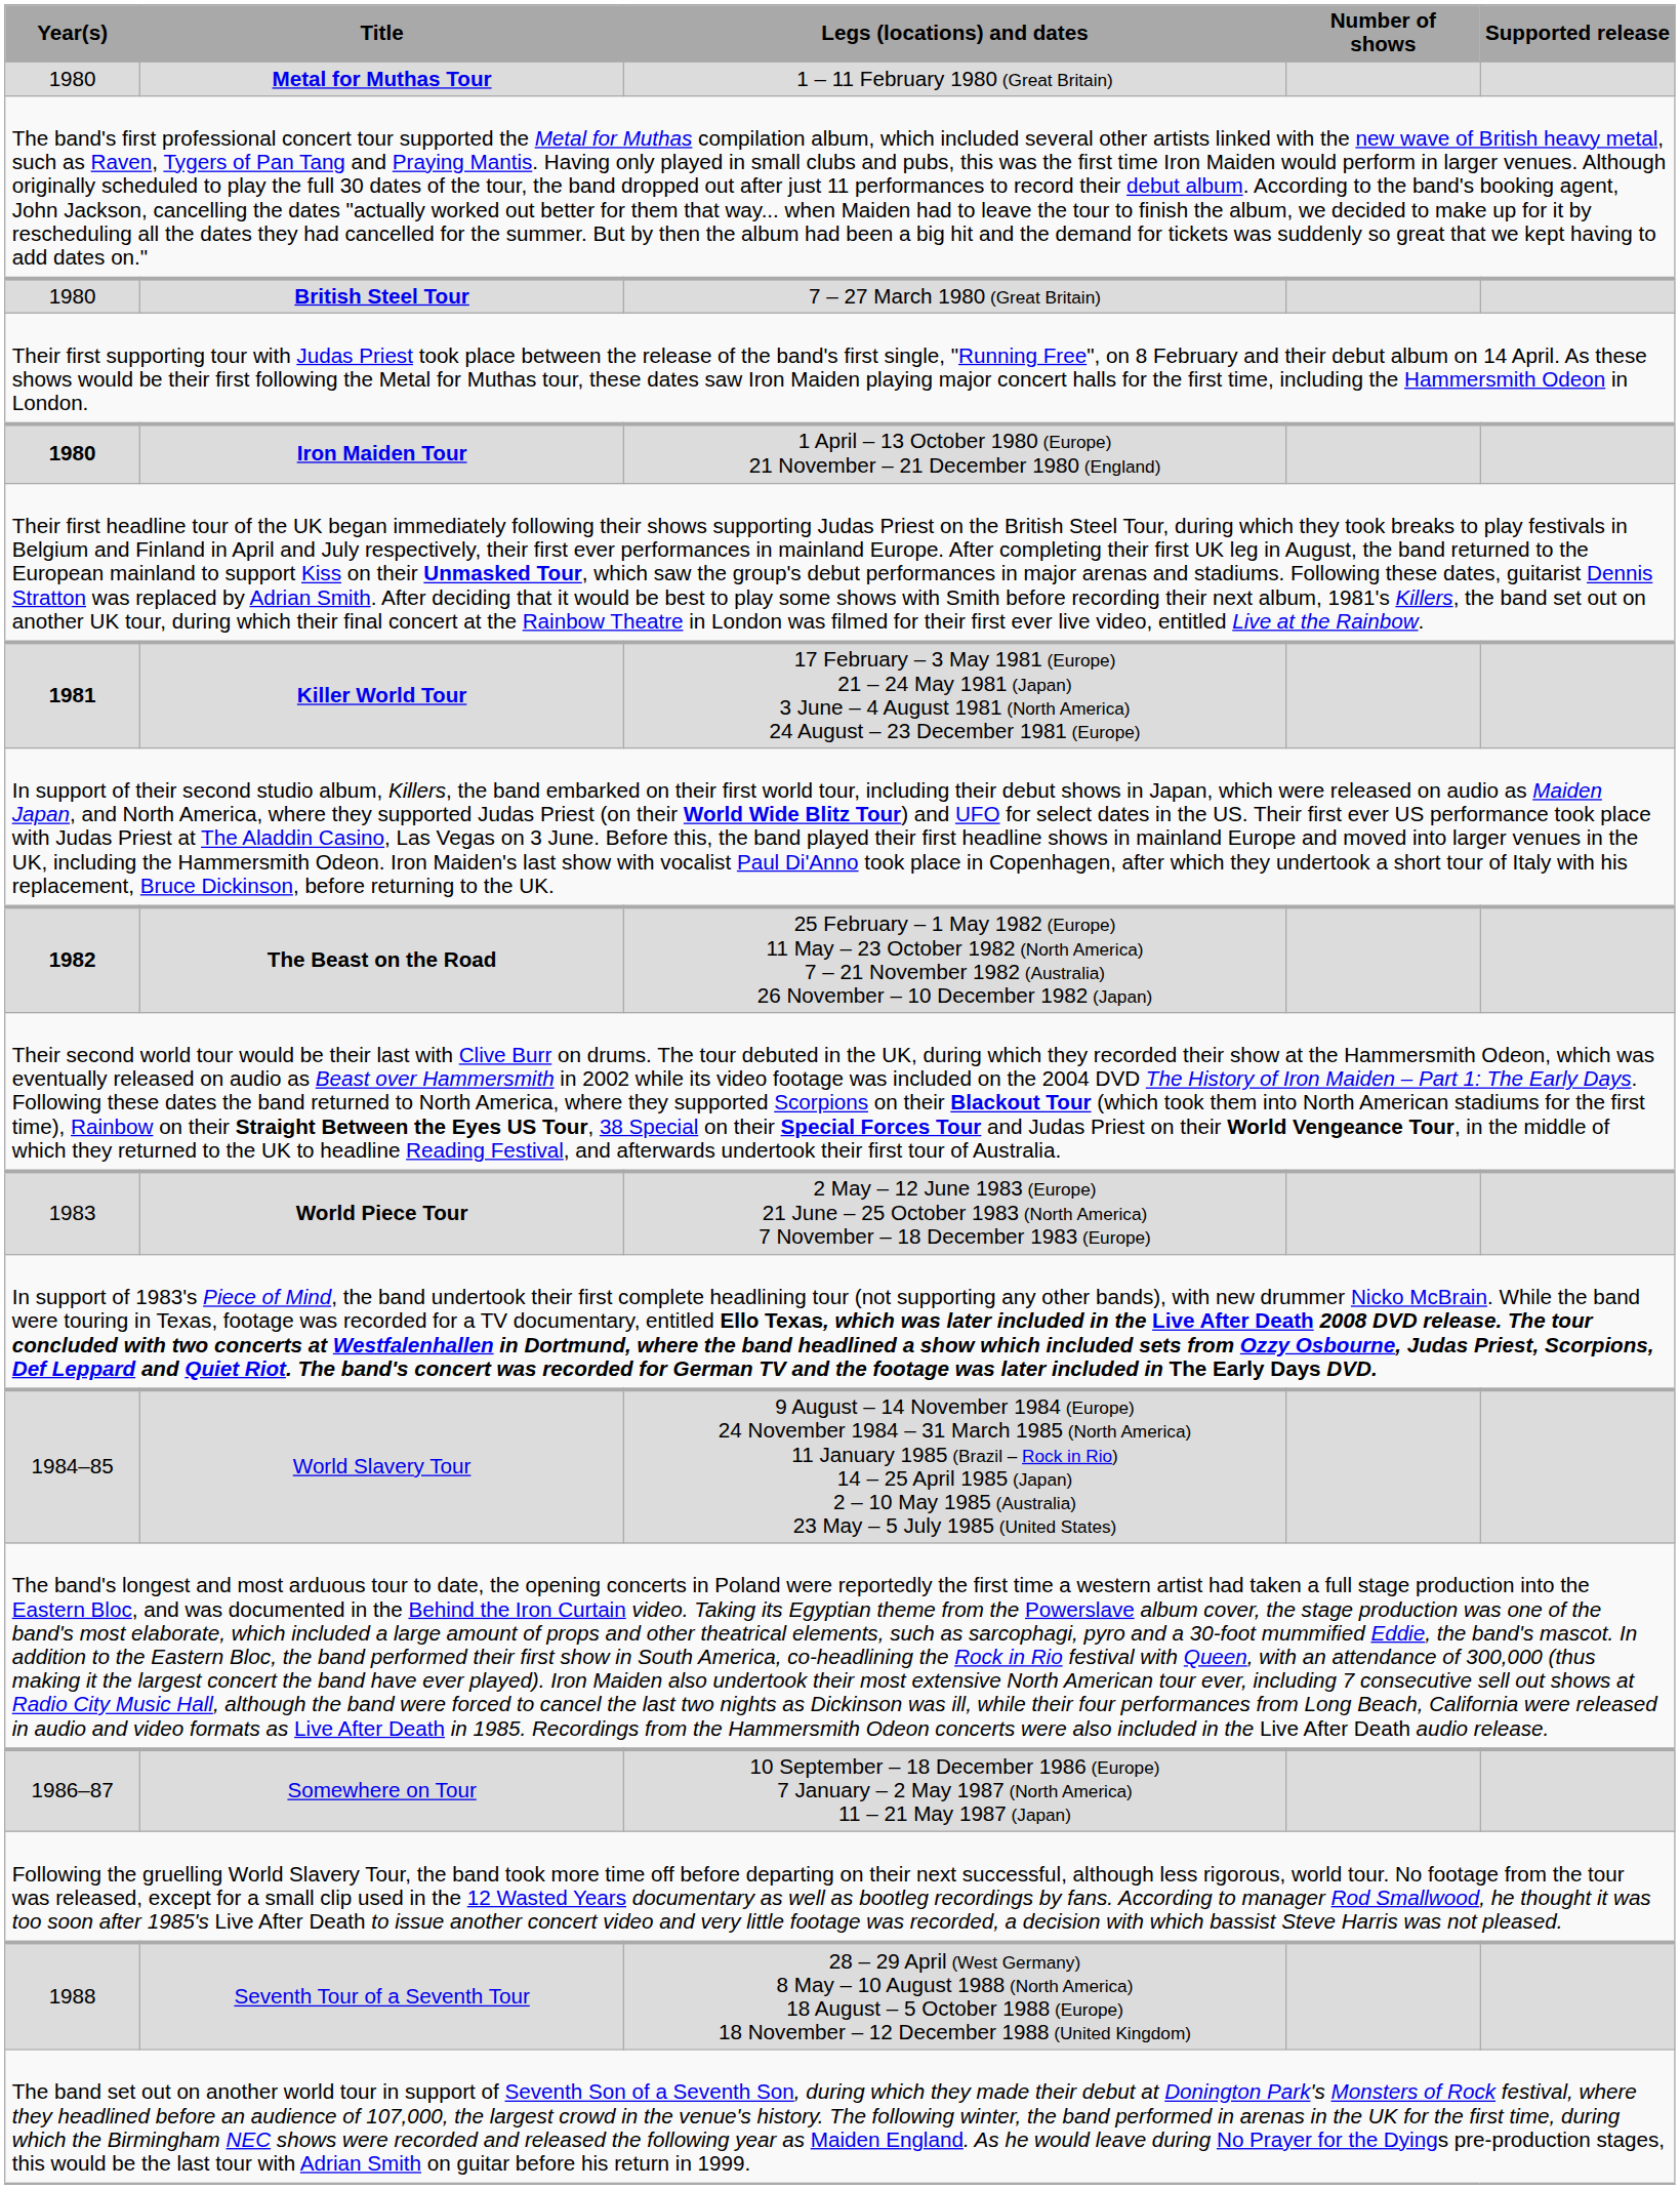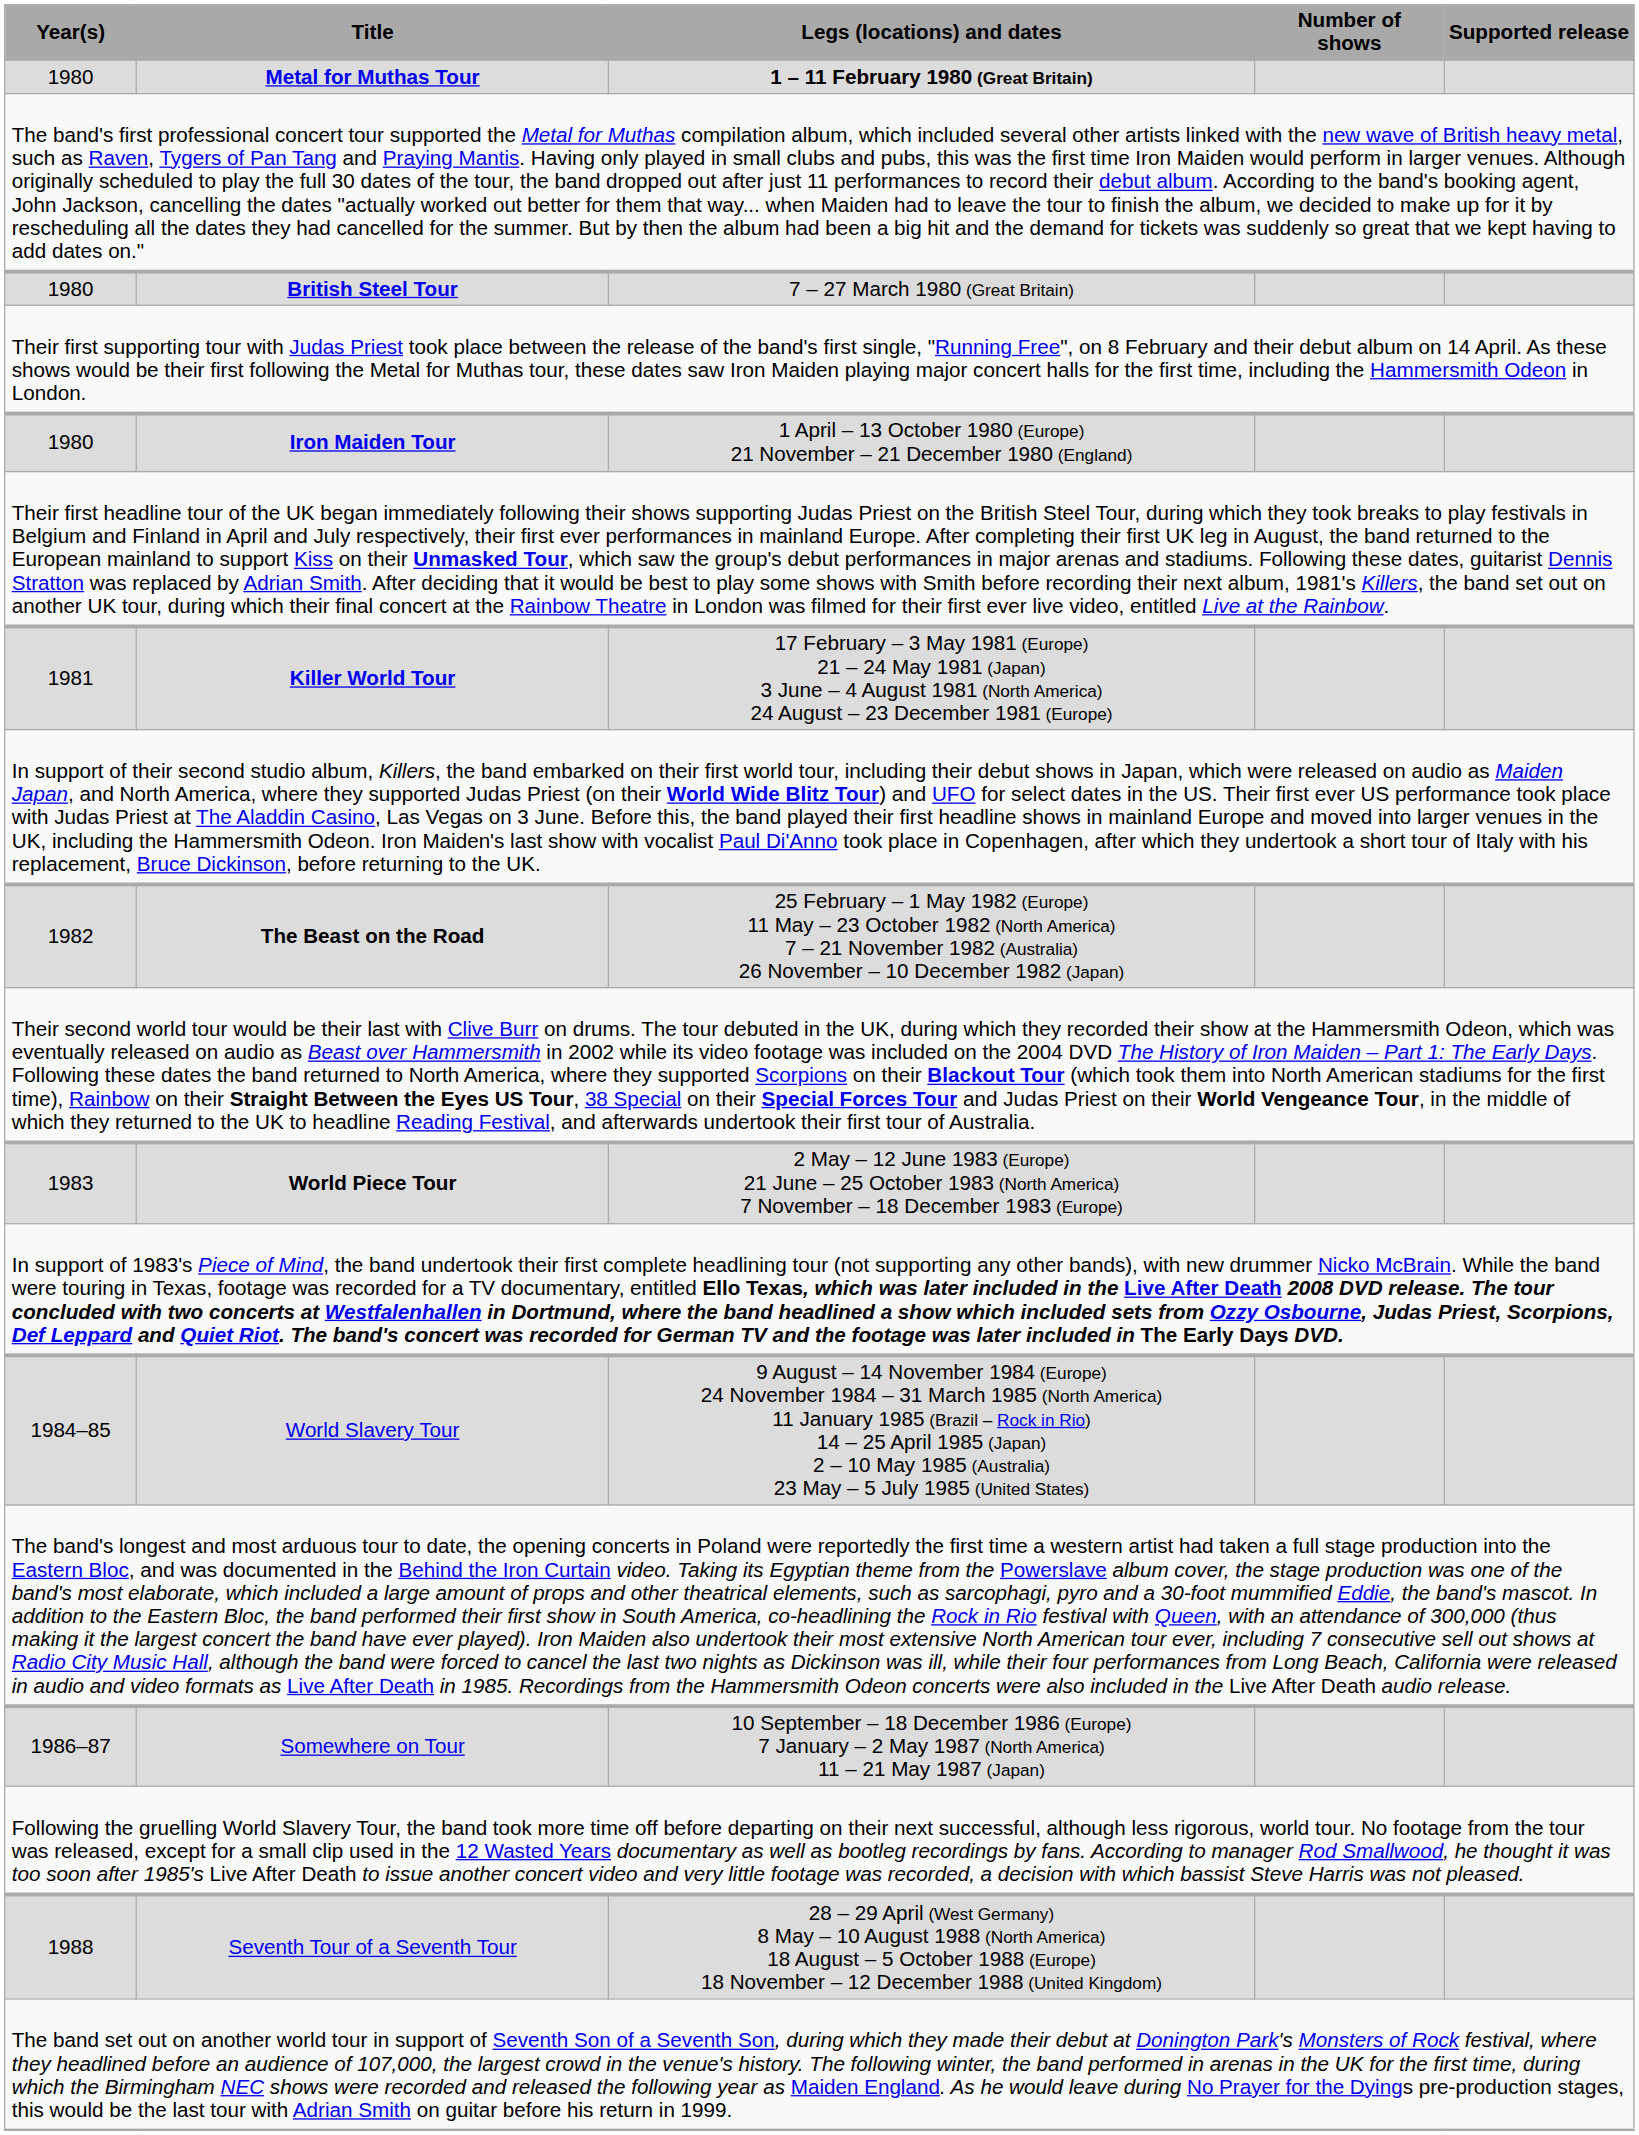 <table class="wikitable" style="width:100%; text-align:center;">
 <tr>
 <th style="width:40px; background:darkGrey;">Year(s)</th>
 <th style="width:210px; background:darkGrey;">Title</th>
 <th style="width:290px; background:darkGrey;">Legs (locations) and dates</th>
 <th style="width:80px; background:darkGrey;">Number of<br>shows<br></th>
 <th style="width:80px; background:darkGrey;">Supported release</th>
 </tr>
 <tr style="background:#DCDCDC;">
 <td>1980</td>
 <td><strong><a href='#'>Metal for Muthas Tour</a></strong></td>
-<td>1 – 11 February 1980<small> (Great Britain)</small></td>
+<td><strong>1 – 11 February 1980<small> (Great Britain)</small></strong></td>
 <td></td>
 <td></td>
 </tr>
 <tr>
 <td colspan="5" style="border-bottom-width:3px; padding:5px; text-align:left;"><br>The band's first professional concert tour supported the <em><a href='#'>Metal for Muthas</a></em> compilation album, which included several other artists linked with the <a href='#'>new wave of British heavy metal</a>, such as <a href='#'>Raven</a>, <a href='#'>Tygers of Pan Tang</a> and <a href='#'>Praying Mantis</a>. Having only played in small clubs and pubs, this was the first time Iron Maiden would perform in larger venues. Although originally scheduled to play the full 30 dates of the tour, the band dropped out after just 11 performances to record their <a href='#'>debut album</a>. According to the band's booking agent, John Jackson, cancelling the dates "actually worked out better for them that way... when Maiden had to leave the tour to finish the album, we decided to make up for it by rescheduling all the dates they had cancelled for the summer. But by then the album had been a big hit and the demand for tickets was suddenly so great that we kept having to add dates on."</td>
 </tr>
 <tr style="background:#DCDCDC;">
 <td>1980</td>
 <td><strong><a href='#'>British Steel Tour</a></strong></td>
 <td>7 – 27 March 1980<small> (Great Britain)</small></td>
 <td></td>
 <td></td>
 </tr>
 <tr>
 <td colspan="5" style="border-bottom-width:3px; padding:5px; text-align:left;"><br>Their first supporting tour with <a href='#'>Judas Priest</a> took place between the release of the band's first single, "<a href='#'>Running Free</a>", on 8 February and their debut album on 14 April. As these shows would be their first following the Metal for Muthas tour, these dates saw Iron Maiden playing major concert halls for the first time, including the <a href='#'>Hammersmith Odeon</a> in London.</td>
 </tr>
 <tr style="background:#DCDCDC;">
-<td><strong>1980</strong></td>
+<td>1980</td>
 <td><strong><a href='#'>Iron Maiden Tour</a></strong></td>
 <td>1 April – 13 October 1980<small> (Europe)</small><br>21 November – 21 December 1980<small> (England)</small></td>
 <td></td>
 <td></td>
 </tr>
 <tr>
 <td colspan="5" style="border-bottom-width:3px; padding:5px; text-align:left;"><br>Their first headline tour of the UK began immediately following their shows supporting Judas Priest on the British Steel Tour, during which they took breaks to play festivals in Belgium and Finland in April and July respectively, their first ever performances in mainland Europe. After completing their first UK leg in August, the band returned to the European mainland to support <a href='#'>Kiss</a> on their <strong><a href='#'>Unmasked Tour</a></strong>, which saw the group's debut performances in major arenas and stadiums. Following these dates, guitarist <a href='#'>Dennis Stratton</a> was replaced by <a href='#'>Adrian Smith</a>. After deciding that it would be best to play some shows with Smith before recording their next album, 1981's <em><a href='#'>Killers</a></em>, the band set out on another UK tour, during which their final concert at the <a href='#'>Rainbow Theatre</a> in London was filmed for their first ever live video, entitled <em><a href='#'>Live at the Rainbow</a></em>.</td>
 </tr>
 <tr style="background:#DCDCDC;">
-<td><strong>1981</strong></td>
+<td>1981</td>
 <td><strong><a href='#'>Killer World Tour</a></strong></td>
 <td>17 February – 3 May 1981<small> (Europe)</small><br>21 – 24 May 1981<small> (Japan)</small><br>3 June – 4 August 1981<small> (North America)</small><br>24 August – 23 December 1981<small> (Europe)</small></td>
 <td></td>
 <td></td>
 </tr>
 <tr>
 <td colspan="5" style="border-bottom-width:3px; padding:5px; text-align:left;"><br>In support of their second studio album, <em>Killers</em>, the band embarked on their first world tour, including their debut shows in Japan, which were released on audio as <em><a href='#'>Maiden Japan</a></em>, and North America, where they supported Judas Priest (on their <strong><a href='#'>World Wide Blitz Tour</a></strong>) and <a href='#'>UFO</a> for select dates in the US. Their first ever US performance took place with Judas Priest at <a href='#'>The Aladdin Casino</a>, Las Vegas on 3 June. Before this, the band played their first headline shows in mainland Europe and moved into larger venues in the UK, including the Hammersmith Odeon. Iron Maiden's last show with vocalist <a href='#'>Paul Di'Anno</a> took place in Copenhagen, after which they undertook a short tour of Italy with his replacement, <a href='#'>Bruce Dickinson</a>, before returning to the UK.</td>
 </tr>
 <tr style="background:#DCDCDC;">
-<td><strong>1982</strong></td>
+<td>1982</td>
 <td><strong>The Beast on the Road</strong></td>
 <td>25 February – 1 May 1982<small> (Europe)</small><br> 11 May – 23 October 1982<small> (North America)</small><br> 7 – 21 November 1982<small> (Australia)</small><br>26 November – 10 December 1982<small> (Japan)</small></td>
 <td></td>
 <td></td>
 </tr>
 <tr>
 <td colspan="5" style="border-bottom-width:3px; padding:5px; text-align:left;"><br>Their second world tour would be their last with <a href='#'>Clive Burr</a> on drums. The tour debuted in the UK, during which they recorded their show at the Hammersmith Odeon, which was eventually released on audio as <em><a href='#'>Beast over Hammersmith</a></em> in 2002 while its video footage was included on the 2004 DVD <em><a href='#'>The History of Iron Maiden – Part 1: The Early Days</a></em>. Following these dates the band returned to North America, where they supported <a href='#'>Scorpions</a> on their <strong><a href='#'>Blackout Tour</a></strong> (which took them into North American stadiums for the first time), <a href='#'>Rainbow</a> on their <strong>Straight Between the Eyes US Tour</strong>, <a href='#'>38 Special</a> on their <strong><a href='#'>Special Forces Tour</a></strong> and Judas Priest on their <strong>World Vengeance Tour</strong>, in the middle of which they returned to the UK to headline <a href='#'>Reading Festival</a>, and afterwards undertook their first tour of Australia.</td>
 </tr>
 <tr style="background:#DCDCDC;">
 <td>1983</td>
 <td><strong>World Piece Tour</strong></td>
 <td>2 May – 12 June 1983<small> (Europe)</small><br>21 June – 25 October 1983<small> (North America)</small><br>7 November – 18 December 1983<small> (Europe)</small></td>
 <td></td>
 <td></td>
 </tr>
 <tr>
 <td colspan="5" style="border-bottom-width:3px; padding:5px; text-align:left;"><br>In support of 1983's <em><a href='#'>Piece of Mind</a></em>, the band undertook their first complete headlining tour (not supporting any other bands), with new drummer <a href='#'>Nicko McBrain</a>. While the band were touring in Texas, footage was recorded for a TV documentary, entitled <strong>Ello Texas<em>, which was later included in the </em><a href='#'>Live After Death</a><em> 2008 DVD release. The tour concluded with two concerts at <a href='#'>Westfalenhallen</a> in Dortmund, where the band headlined a show which included sets from <a href='#'>Ozzy Osbourne</a>, Judas Priest, Scorpions, <a href='#'>Def Leppard</a> and <a href='#'>Quiet Riot</a>. The band's concert was recorded for German TV and the footage was later included in </em>The Early Days<em> DVD.</td>
 </tr>
 <tr style="background:#DCDCDC;">
 <td>1984–85</td>
 <td></strong><a href='#'>World Slavery Tour</a><strong></td>
 <td>9 August – 14 November 1984<small> (Europe)</small><br> 24 November 1984 – 31 March 1985<small> (North America)</small><br> 11 January 1985<small> (Brazil – <a href='#'>Rock in Rio</a>)</small><br> 14 – 25 April 1985<small> (Japan)</small><br>2 – 10 May 1985<small> (Australia)</small><br>23 May – 5 July 1985<small> (United States)</small></td>
 <td></td>
 <td></td>
 </tr>
 <tr>
 <td colspan="5" style="border-bottom-width:3px; padding:5px; text-align:left;"><br>The band's longest and most arduous tour to date, the opening concerts in Poland were reportedly the first time a western artist had taken a full stage production into the <a href='#'>Eastern Bloc</a>, and was documented in the </em><a href='#'>Behind the Iron Curtain</a><em> video. Taking its Egyptian theme from the </em><a href='#'>Powerslave</a><em> album cover, the stage production was one of the band's most elaborate, which included a large amount of props and other theatrical elements, such as sarcophagi, pyro and a 30-foot mummified <a href='#'>Eddie</a>, the band's mascot. In addition to the Eastern Bloc, the band performed their first show in South America, co-headlining the <a href='#'>Rock in Rio</a> festival with <a href='#'>Queen</a>, with an attendance of 300,000 (thus making it the largest concert the band have ever played). Iron Maiden also undertook their most extensive North American tour ever, including 7 consecutive sell out shows at <a href='#'>Radio City Music Hall</a>, although the band were forced to cancel the last two nights as Dickinson was ill, while their four performances from Long Beach, California were released in audio and video formats as </em><a href='#'>Live After Death</a><em> in 1985. Recordings from the Hammersmith Odeon concerts were also included in the </em>Live After Death<em> audio release.</td>
 </tr>
 <tr style="background:#DCDCDC;">
 <td>1986–87</td>
 <td></strong><a href='#'>Somewhere on Tour</a><strong></td>
 <td>10 September – 18 December 1986<small> (Europe)</small><br>7 January – 2 May 1987<small> (North America)</small><br> 11 – 21 May 1987<small> (Japan)</small></td>
 <td></td>
 <td></td>
 </tr>
 <tr>
 <td colspan="5" style="border-bottom-width:3px; padding:5px; text-align:left;"><br>Following the gruelling World Slavery Tour, the band took more time off before departing on their next successful, although less rigorous, world tour. No footage from the tour was released, except for a small clip used in the </em><a href='#'>12 Wasted Years</a><em> documentary as well as bootleg recordings by fans. According to manager <a href='#'>Rod Smallwood</a>, he thought it was too soon after 1985's </em>Live After Death<em> to issue another concert video and very little footage was recorded, a decision with which bassist Steve Harris was not pleased.</td>
 </tr>
 <tr style="background:#DCDCDC;">
 <td>1988</td>
 <td></strong><a href='#'>Seventh Tour of a Seventh Tour</a><strong></td>
 <td>28 – 29 April<small> (West Germany)</small><br> 8 May – 10 August 1988<small> (North America)</small><br> 18 August – 5 October 1988<small> (Europe)</small><br> 18 November – 12 December 1988<small> (United Kingdom)</small></td>
 <td></td>
 <td></td>
 </tr>
 <tr>
 <td colspan="5" style="border-bottom-width:3px; padding:5px; text-align:left;"><br>The band set out on another world tour in support of </em><a href='#'>Seventh Son of a Seventh Son</a><em>, during which they made their debut at <a href='#'>Donington Park</a>'s <a href='#'>Monsters of Rock</a> festival, where they headlined before an audience of 107,000, the largest crowd in the venue's history. The following winter, the band performed in arenas in the UK for the first time, during which the Birmingham <a href='#'>NEC</a> shows were recorded and released the following year as </em><a href='#'>Maiden England</a><em>. As he would leave during </em><a href='#'>No Prayer for the Dying</a></strong>s pre-production stages, this would be the last tour with <a href='#'>Adrian Smith</a> on guitar before his return in 1999.</td>
 </tr>
 <tr>
 </tr>
 </table>
